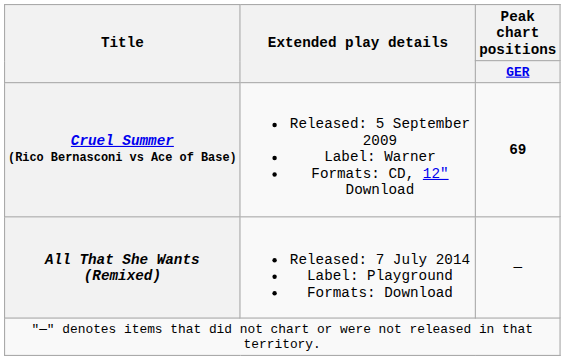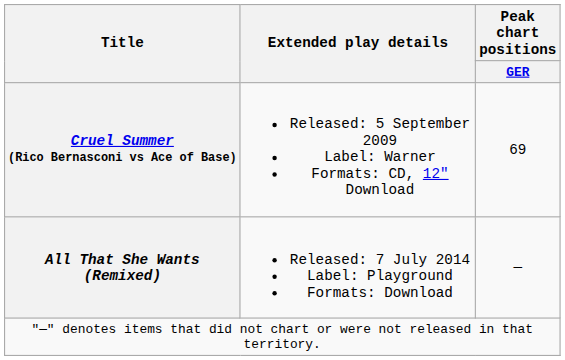 <table class="wikitable plainrowheaders" style="text-align:center;" border="1">
 <tr>
 <th scope="col" rowspan="2" style="width:16em;">Title</th>
 <th scope="col" rowspan="2" style="width:16em;">Extended play details</th>
 <th scope="col" colspan="1">Peak<br>chart<br>positions</th>
 </tr>
 <tr>
 <th style="width:2em;font-size:90%;"><a href='#'>GER</a><br></th>
 </tr>
 <tr>
 <th scope="row"><em><a href='#'>Cruel Summer</a></em> <br><small>(Rico Bernasconi vs Ace of Base)</small></th>
 <td><br><ul><li>Released: 5 September 2009</li><li>Label: Warner</li><li>Formats: CD, <a href='#'>12"</a> Download</li></ul></td>
-<td><strong>69</strong></td>
+<td>69</td>
 </tr>
 <tr>
 <th scope="row"><em>All That She Wants (Remixed)</em></th>
 <td><br><ul><li>Released: 7 July 2014</li><li>Label: Playground</li><li>Formats: Download</li></ul></td>
 <td>—</td>
 </tr>
 <tr>
 <td align="center" colspan="15" style="font-size:90%">"—" denotes items that did not chart or were not released in that territory.</td>
 </tr>
 </table>
